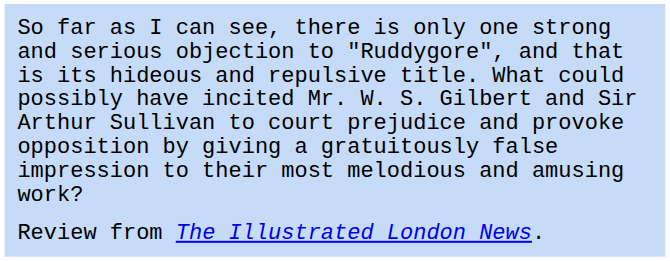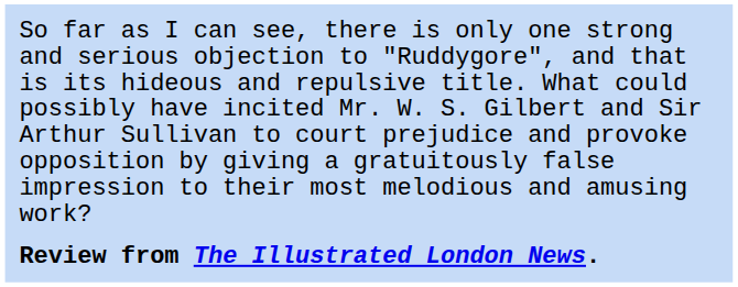 <table class="toccolours" style="float: right; margin-left: 1em; margin-right: 1em; font-size: 85%; background:#c6dbf7; color:black; width:30em; max-width: 40%;" cellspacing="5">
 <tr>
 <td style="text-align: left;">So far as I can see, there is only one strong and serious objection to "Ruddygore", and that is its hideous and repulsive title. What could possibly have incited Mr. W. S. Gilbert and Sir Arthur Sullivan to court prejudice and provoke opposition by giving a gratuitously false impression to their most melodious and amusing work?</td>
 </tr>
 <tr>
-<td style="text-align: left;">Review from <em><a href='#'>The Illustrated London News</a></em>.</td>
+<td style="text-align: left;"><strong>Review from <em><a href='#'>The Illustrated London News</a></em>.</strong></td>
 </tr>
 </table>
